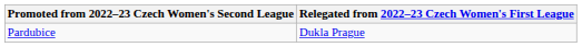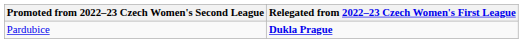 <table class="wikitable">
 <tr>
 <th>Promoted from 2022–23 Czech Women's Second League</th>
 <th>Relegated from <a href='#'>2022–23 Czech Women's First League</a></th>
 </tr>
 <tr>
 <td><a href='#'>Pardubice</a></td>
-<td><a href='#'>Dukla Prague</a></td>
+<td><strong><a href='#'>Dukla Prague</a></strong></td>
 </tr>
 </table>
